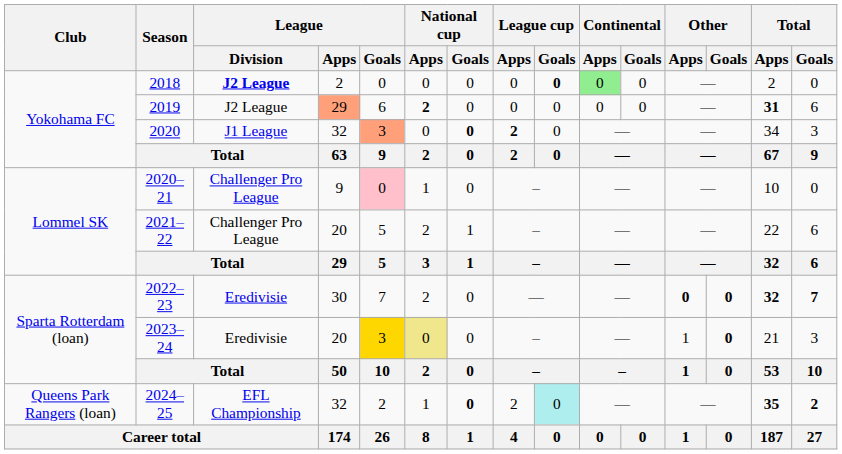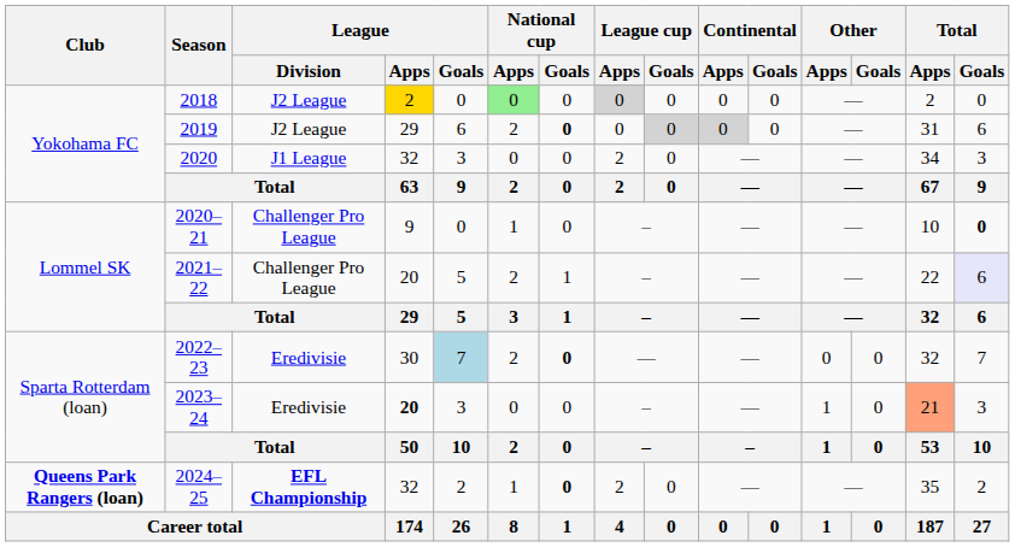 <table class="wikitable" style="text-align:center">
 <tr>
 <th rowspan="2">Club</th>
 <th rowspan="2">Season</th>
 <th colspan="3">League</th>
 <th colspan="2">National cup</th>
 <th colspan="2">League cup</th>
 <th colspan="2">Continental</th>
 <th colspan="2">Other</th>
 <th colspan="2">Total</th>
 </tr>
 <tr>
 <th>Division</th>
 <th>Apps</th>
 <th>Goals</th>
 <th>Apps</th>
 <th>Goals</th>
 <th>Apps</th>
 <th>Goals</th>
 <th>Apps</th>
 <th>Goals</th>
 <th>Apps</th>
 <th>Goals</th>
 <th>Apps</th>
 <th>Goals</th>
 </tr>
 <tr>
 <td rowspan="4"><a href='#'>Yokohama FC</a></td>
 <td><a href='#'>2018</a></td>
-<td><strong><a href='#'>J2 League</a></strong></td>
-<td>2</td>
+<td><a href='#'>J2 League</a></td>
+<td style="background: gold;">2</td>
+<td>0</td>
+<td style="background: lightgreen;">0</td>
+<td>0</td>
+<td style="background: lightgrey;">0</td>
 <td>0</td>
 <td>0</td>
-<td>0</td>
-<td>0</td>
-<td><strong>0</strong></td>
-<td style="background: lightgreen;">0</td>
 <td>0</td>
 <td colspan="2">—</td>
 <td>2</td>
 <td>0</td>
 </tr>
 <tr>
 <td><a href='#'>2019</a></td>
 <td>J2 League</td>
-<td style="background: lightsalmon;">29</td>
+<td>29</td>
 <td>6</td>
-<td><strong>2</strong></td>
+<td>2</td>
+<td><strong>0</strong></td>
 <td>0</td>
-<td>0</td>
-<td>0</td>
-<td>0</td>
+<td style="background: lightgrey;">0</td>
+<td style="background: lightgrey;">0</td>
 <td>0</td>
 <td colspan="2">—</td>
-<td><strong>31</strong></td>
+<td>31</td>
 <td>6</td>
 </tr>
 <tr>
 <td><a href='#'>2020</a></td>
 <td><a href='#'>J1 League</a></td>
 <td>32</td>
-<td style="background: lightsalmon;">3</td>
+<td>3</td>
 <td>0</td>
-<td><strong>0</strong></td>
-<td><strong>2</strong></td>
+<td>0</td>
+<td>2</td>
 <td>0</td>
 <td colspan="2">—</td>
 <td colspan="2">—</td>
 <td>34</td>
 <td>3</td>
 </tr>
 <tr>
 <th colspan=2>Total</th>
 <th>63</th>
 <th>9</th>
 <th>2</th>
 <th>0</th>
 <th>2</th>
 <th>0</th>
 <th colspan="2">—</th>
 <th colspan="2">—</th>
 <th>67</th>
 <th>9</th>
 </tr>
 <tr>
 <td rowspan="3"><a href='#'>Lommel SK</a></td>
 <td><a href='#'>2020–21</a></td>
 <td><a href='#'>Challenger Pro League</a></td>
 <td>9</td>
-<td style="background: pink;">0</td>
+<td>0</td>
 <td>1</td>
 <td>0</td>
 <td colspan=2>–</td>
 <td colspan="2">—</td>
 <td colspan="2">—</td>
 <td>10</td>
-<td>0</td>
+<td><strong>0</strong></td>
 </tr>
 <tr>
 <td><a href='#'>2021–22</a></td>
 <td>Challenger Pro League</td>
 <td>20</td>
 <td>5</td>
 <td>2</td>
 <td>1</td>
 <td colspan=2>–</td>
 <td colspan="2">—</td>
 <td colspan="2">—</td>
 <td>22</td>
-<td>6</td>
+<td style="background: lavender;">6</td>
 </tr>
 <tr>
 <th colspan=2>Total</th>
 <th>29</th>
 <th>5</th>
 <th>3</th>
 <th>1</th>
 <th colspan=2>–</th>
 <th colspan="2">—</th>
 <th colspan="2">—</th>
 <th>32</th>
 <th>6</th>
 </tr>
 <tr>
 <td rowspan="3"><a href='#'>Sparta Rotterdam</a> (loan)</td>
 <td><a href='#'>2022–23</a></td>
 <td><a href='#'>Eredivisie</a></td>
 <td>30</td>
-<td>7</td>
+<td style="background: lightblue;">7</td>
 <td>2</td>
-<td>0</td>
+<td><strong>0</strong></td>
 <td colspan=2>—</td>
 <td colspan="2">—</td>
-<td><strong>0</strong></td>
-<td><strong>0</strong></td>
-<td><strong>32</strong></td>
-<td><strong>7</strong></td>
+<td>0</td>
+<td>0</td>
+<td>32</td>
+<td>7</td>
 </tr>
 <tr>
 <td><a href='#'>2023–24</a></td>
 <td>Eredivisie</td>
-<td>20</td>
-<td style="background: gold;">3</td>
-<td style="background: khaki;">0</td>
+<td><strong>20</strong></td>
+<td>3</td>
+<td>0</td>
 <td>0</td>
 <td colspan=2>–</td>
 <td colspan="2">—</td>
 <td>1</td>
-<td><strong>0</strong></td>
-<td>21</td>
+<td>0</td>
+<td style="background: lightsalmon;">21</td>
 <td>3</td>
 </tr>
 <tr>
 <th colspan=2>Total</th>
 <th>50</th>
 <th>10</th>
 <th>2</th>
 <th>0</th>
 <th colspan=2>–</th>
 <th colspan=2>–</th>
 <th>1</th>
 <th>0</th>
 <th>53</th>
 <th>10</th>
 </tr>
 <tr>
-<td rowspan="1"><a href='#'>Queens Park Rangers</a> (loan)</td>
+<td rowspan="1"><strong><a href='#'>Queens Park Rangers</a> (loan)</strong></td>
 <td><a href='#'>2024–25</a></td>
-<td><a href='#'>EFL Championship</a></td>
+<td><strong><a href='#'>EFL Championship</a></strong></td>
 <td>32</td>
 <td>2</td>
 <td>1</td>
 <td><strong>0</strong></td>
 <td>2</td>
-<td style="background: paleturquoise;">0</td>
+<td>0</td>
 <td colspan=2>—</td>
 <td colspan="2">—</td>
-<td><strong>35</strong></td>
-<td><strong>2</strong></td>
+<td>35</td>
+<td>2</td>
 </tr>
 <tr>
 <th colspan=3>Career total</th>
 <th>174</th>
 <th>26</th>
 <th>8</th>
 <th>1</th>
 <th>4</th>
 <th>0</th>
 <th>0</th>
 <th>0</th>
 <th>1</th>
 <th>0</th>
 <th>187</th>
 <th>27</th>
 </tr>
 </table>
